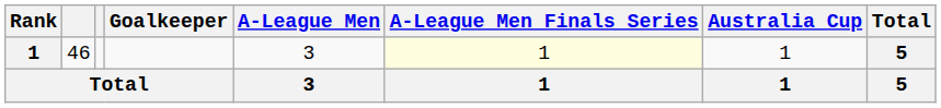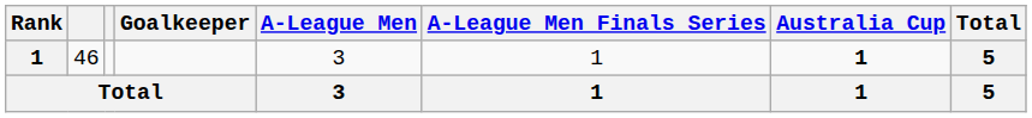 <table class="wikitable" style="text-align:center">
 <tr>
 <th>Rank</th>
 <th></th>
 <th></th>
 <th>Goalkeeper</th>
 <th><a href='#'>A-League Men</a></th>
 <th><a href='#'>A-League Men Finals Series</a></th>
 <th><a href='#'>Australia Cup</a></th>
 <th>Total</th>
 </tr>
 <tr>
 <th>1</th>
 <td>46</td>
 <td></td>
 <td align="left"></td>
 <td>3</td>
-<td style="background: lightyellow;">1</td>
 <td>1</td>
+<td><strong>1</strong></td>
 <th>5</th>
 </tr>
 <tr>
 <th colspan="4">Total</th>
 <th>3</th>
 <th>1</th>
 <th>1</th>
 <th>5</th>
 </tr>
 </table>
